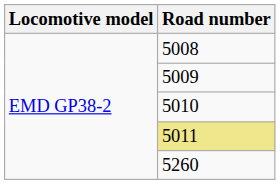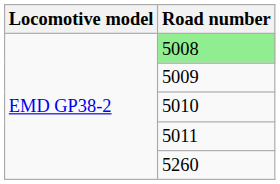 <table class="wikitable">
 <tr>
 <th>Locomotive model</th>
 <th>Road number</th>
 </tr>
 <tr>
 <td rowspan="6"><a href='#'>EMD GP38-2</a></td>
-<td>5008</td>
+<td style="background: lightgreen;">5008</td>
 </tr>
 <tr>
 <td>5009</td>
 </tr>
 <tr>
 <td>5010</td>
 </tr>
 <tr>
-<td style="background: khaki;">5011</td>
+<td>5011</td>
 </tr>
 <tr>
 <td>5260</td>
 </tr>
 </table>
